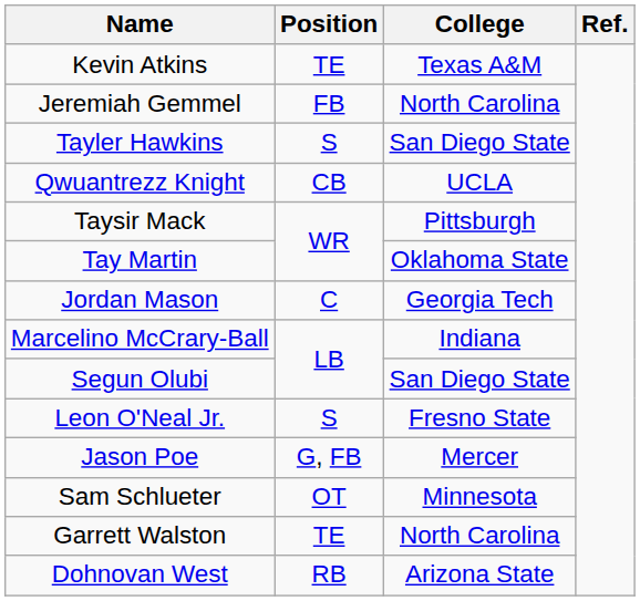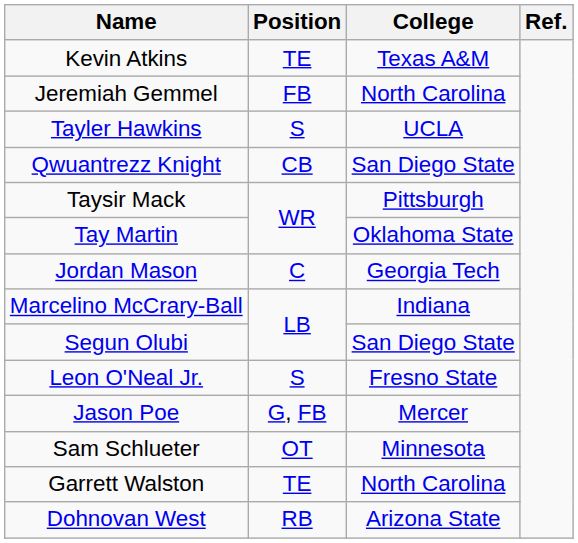 <table class="wikitable" style="text-align:center">
 <tr>
 <th>Name</th>
 <th>Position</th>
 <th>College</th>
 <th>Ref.</th>
 </tr>
 <tr>
 <td>Kevin Atkins</td>
 <td><a href='#'>TE</a></td>
 <td><a href='#'>Texas A&M</a></td>
 <td rowspan = 14></td>
 </tr>
 <tr>
 <td>Jeremiah Gemmel</td>
 <td><a href='#'>FB</a></td>
 <td><a href='#'>North Carolina</a></td>
 </tr>
 <tr>
 <td><a href='#'>Tayler Hawkins</a></td>
 <td><a href='#'>S</a></td>
-<td><a href='#'>San Diego State</a></td>
+<td><a href='#'>UCLA</a></td>
 </tr>
 <tr>
 <td><a href='#'>Qwuantrezz Knight</a></td>
 <td><a href='#'>CB</a></td>
-<td><a href='#'>UCLA</a></td>
+<td><a href='#'>San Diego State</a></td>
 </tr>
 <tr>
 <td>Taysir Mack</td>
 <td rowspan = 2><a href='#'>WR</a></td>
 <td><a href='#'>Pittsburgh</a></td>
 </tr>
 <tr>
 <td><a href='#'>Tay Martin</a></td>
 <td><a href='#'>Oklahoma State</a></td>
 </tr>
 <tr>
 <td><a href='#'>Jordan Mason</a></td>
 <td><a href='#'>C</a></td>
 <td><a href='#'>Georgia Tech</a></td>
 </tr>
 <tr>
 <td><a href='#'>Marcelino McCrary-Ball</a></td>
 <td rowspan = 2><a href='#'>LB</a></td>
 <td><a href='#'>Indiana</a></td>
 </tr>
 <tr>
 <td><a href='#'>Segun Olubi</a></td>
 <td><a href='#'>San Diego State</a></td>
 </tr>
 <tr>
 <td><a href='#'>Leon O'Neal Jr.</a></td>
 <td><a href='#'>S</a></td>
 <td><a href='#'>Fresno State</a></td>
 </tr>
 <tr>
 <td><a href='#'>Jason Poe</a></td>
 <td><a href='#'>G</a>, <a href='#'>FB</a></td>
 <td><a href='#'>Mercer</a></td>
 </tr>
 <tr>
 <td>Sam Schlueter</td>
 <td><a href='#'>OT</a></td>
 <td><a href='#'>Minnesota</a></td>
 </tr>
 <tr>
 <td>Garrett Walston</td>
 <td><a href='#'>TE</a></td>
 <td><a href='#'>North Carolina</a></td>
 </tr>
 <tr>
 <td><a href='#'>Dohnovan West</a></td>
 <td><a href='#'>RB</a></td>
 <td><a href='#'>Arizona State</a></td>
 </tr>
 </table>
